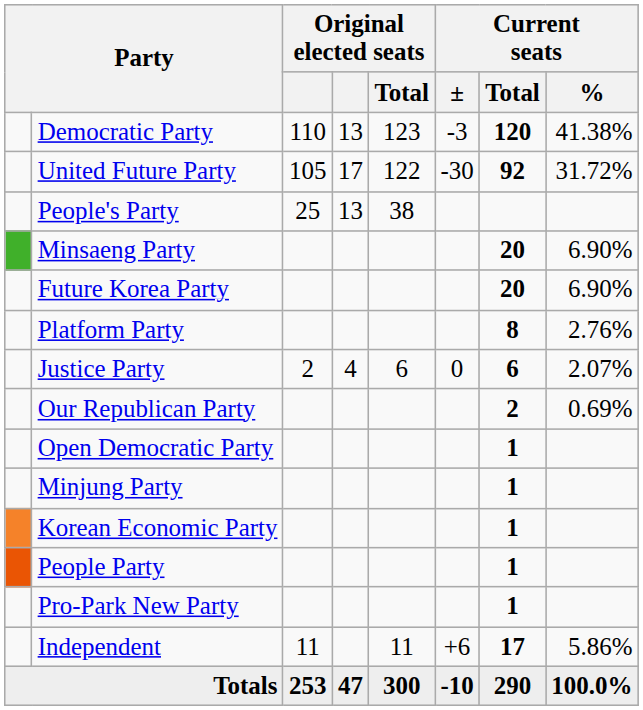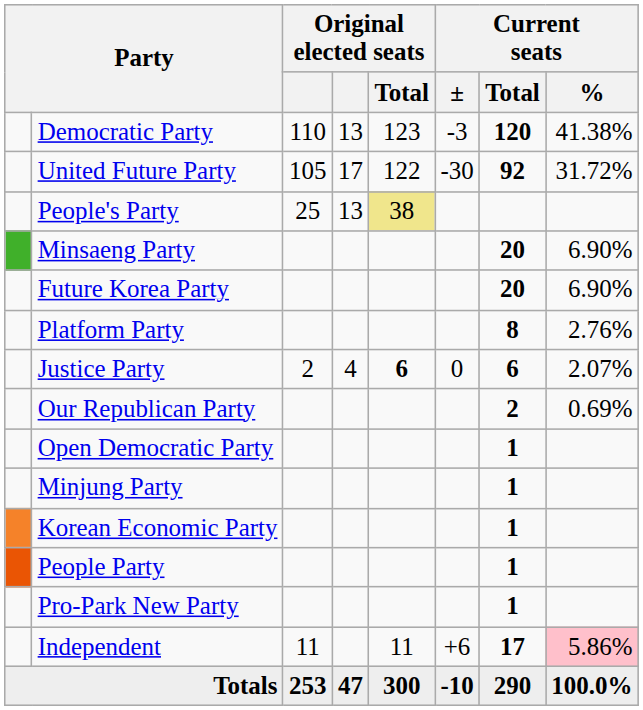 <table class=wikitable style="text-align:center">
 <tr>
 <th scope="col" rowspan="2" colspan="2">Party</th>
 <th scope="col" colspan="3">Original<br>elected seats</th>
 <th scope="col" colspan="3">Current<br>seats</th>
 </tr>
 <tr>
 <th scope="col"></th>
 <th scope="col"></th>
 <th scope="col">Total</th>
 <th scope="col">±</th>
 <th scope="col">Total</th>
 <th scope="col">%</th>
 </tr>
 <tr>
 <td scope="row" style="background-color:"></td>
 <td style="text-align: left;"><a href='#'>Democratic Party</a></td>
 <td>110</td>
 <td>13</td>
 <td>123</td>
 <td>-3</td>
 <td><strong>120</strong></td>
 <td style="text-align: right;">41.38%</td>
 </tr>
 <tr>
 <td scope="row" width="10" style="background-color:"></td>
 <td style="text-align: left;"><a href='#'>United Future Party</a></td>
 <td>105</td>
 <td>17</td>
 <td>122</td>
 <td>-30</td>
 <td><strong>92</strong></td>
 <td style="text-align: right;">31.72%</td>
 </tr>
 <tr>
 <td scope="row" style="background-color:"></td>
 <td style="text-align: left;"><a href='#'>People's Party</a></td>
 <td>25</td>
 <td>13</td>
-<td>38</td>
+<td style="background: khaki;">38</td>
 <td></td>
 <td></td>
 <td style="text-align: right;"></td>
 </tr>
 <tr>
 <td scope="row" style="background-color:#40B02A"></td>
 <td style="text-align: left;"><a href='#'>Minsaeng Party</a></td>
 <td></td>
 <td></td>
 <td></td>
 <td></td>
 <td><strong>20</strong></td>
 <td style="text-align: right;">6.90%</td>
 </tr>
 <tr>
 <td scope="row" style="background-color:"></td>
 <td style="text-align: left;"><a href='#'>Future Korea Party</a></td>
 <td></td>
 <td></td>
 <td></td>
 <td></td>
 <td><strong>20</strong></td>
 <td style="text-align: right;">6.90%</td>
 </tr>
 <tr>
 <td scope="row" style="background-color:"></td>
 <td style="text-align: left;"><a href='#'>Platform Party</a></td>
 <td></td>
 <td></td>
 <td></td>
 <td></td>
 <td><strong>8</strong></td>
 <td style="text-align: right;">2.76%</td>
 </tr>
 <tr>
 <td scope="row" style="background-color:"></td>
 <td style="text-align: left;"><a href='#'>Justice Party</a></td>
 <td>2</td>
 <td>4</td>
-<td>6</td>
+<td><strong>6</strong></td>
 <td>0</td>
 <td><strong>6</strong></td>
 <td style="text-align: right;">2.07%</td>
 </tr>
 <tr>
 <td scope="row" style="background-color:"></td>
 <td style="text-align: left;"><a href='#'>Our Republican Party</a></td>
 <td></td>
 <td></td>
 <td></td>
 <td></td>
 <td><strong>2</strong></td>
 <td style="text-align: right;">0.69%</td>
 </tr>
 <tr>
 <td scope="row" width="10" style="background-color:"></td>
 <td style="text-align: left;"><a href='#'>Open Democratic Party</a></td>
 <td></td>
 <td></td>
 <td></td>
 <td></td>
 <td><strong>1</strong></td>
 <td style="text-align: right;"></td>
 </tr>
 <tr>
 <td scope="row" width="10" style="background-color:"></td>
 <td style="text-align: left;"><a href='#'>Minjung Party</a></td>
 <td></td>
 <td></td>
 <td></td>
 <td></td>
 <td><strong>1</strong></td>
 <td style="text-align: right;"></td>
 </tr>
 <tr>
 <td scope="row" width="10" style="background-color:#F58229"></td>
 <td style="text-align: left;"><a href='#'>Korean Economic Party</a></td>
 <td></td>
 <td></td>
 <td></td>
 <td></td>
 <td><strong>1</strong></td>
 <td style="text-align: right;"></td>
 </tr>
 <tr>
 <td scope="row" width="10" style="background-color:#EA5504"></td>
 <td style="text-align: left;"><a href='#'>People Party</a></td>
 <td></td>
 <td></td>
 <td></td>
 <td></td>
 <td><strong>1</strong></td>
 <td style="text-align: right;"></td>
 </tr>
 <tr>
 <td scope="row" width="10" style="background-color:"></td>
 <td style="text-align: left;"><a href='#'>Pro-Park New Party</a></td>
 <td></td>
 <td></td>
 <td></td>
 <td></td>
 <td><strong>1</strong></td>
 <td style="text-align: right;"></td>
 </tr>
 <tr>
 <td scope="row" width="10" style="background-color:"></td>
 <td style="text-align: left;"><a href='#'>Independent</a></td>
 <td>11</td>
 <td></td>
 <td>11</td>
 <td>+6</td>
 <td><strong>17</strong></td>
-<td style="text-align: right;">5.86%<br></td>
+<td style="background: pink; text-align: right;">5.86%<br></td>
 </tr>
 <tr bgcolor="#EEEEEE">
 <td scope="row" colspan="2" style="text-align: right;"><strong>Totals</strong></td>
 <td><strong>253</strong></td>
 <td><strong>47</strong></td>
 <td><strong>300</strong></td>
 <td><strong>-10</strong></td>
 <td><strong>290</strong></td>
 <td style="text-align: right;"><strong>100.0%</strong></td>
 </tr>
 </table>
